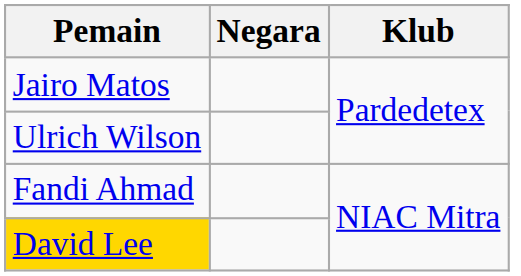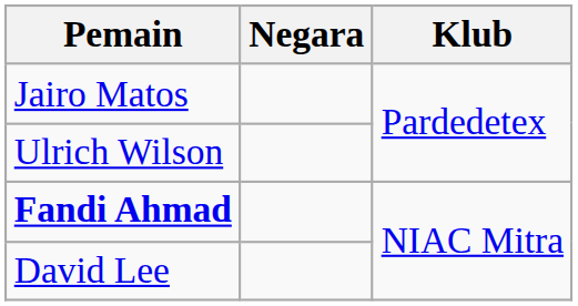 <table class="wikitable">
 <tr>
 <th>Pemain</th>
 <th>Negara</th>
 <th>Klub</th>
 </tr>
 <tr>
 <td><a href='#'>Jairo Matos</a></td>
 <td></td>
 <td rowspan="2"><a href='#'>Pardedetex</a></td>
 </tr>
 <tr>
 <td><a href='#'>Ulrich Wilson</a></td>
 <td></td>
 </tr>
 <tr>
-<td><a href='#'>Fandi Ahmad</a></td>
+<td><strong><a href='#'>Fandi Ahmad</a></strong></td>
 <td></td>
 <td rowspan="2"><a href='#'>NIAC Mitra</a></td>
 </tr>
 <tr>
-<td style="background: gold;"><a href='#'>David Lee</a></td>
+<td><a href='#'>David Lee</a></td>
 <td></td>
 </tr>
 </table>
